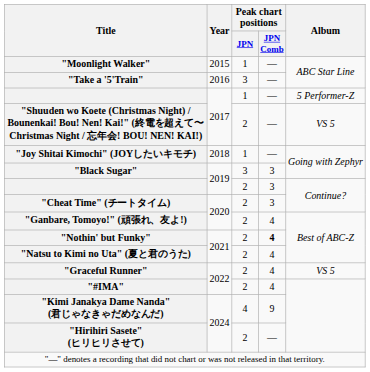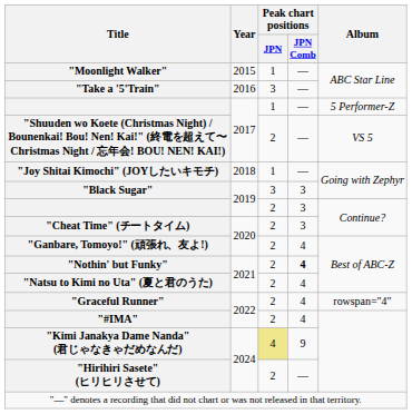 <table class="wikitable plainrowheaders" style="text-align:center;">
 <tr>
 <th rowspan="2" style="width:20em;">Title</th>
 <th rowspan="2">Year</th>
 <th colspan="2">Peak chart positions</th>
 <th rowspan="2">Album</th>
 </tr>
 <tr>
 <th scope="col" style="width:2.5em;font-size:90%;"><a href='#'>JPN</a><br></th>
 <th scope="col" style="width:2.5em;font-size:90%;"><a href='#'>JPN<br>Comb</a><br></th>
 </tr>
 <tr>
 <th scope="row">"Moonlight Walker"</th>
 <td>2015</td>
 <td>1</td>
 <td>—</td>
 <td rowspan="2"><em>ABC Star Line</em></td>
 </tr>
 <tr>
 <th scope="row">"Take a '5'Train"</th>
 <td>2016</td>
 <td>3</td>
 <td>—</td>
 </tr>
 <tr>
 <th scope="row"></th>
 <td rowspan="2">2017</td>
 <td>1</td>
 <td>—</td>
 <td><em>5 Performer-Z</em></td>
 </tr>
 <tr>
 <th scope="row">"Shuuden wo Koete (Christmas Night) / Bounenkai! Bou! Nen! Kai!" (終電を超えて〜Christmas Night / 忘年会! BOU! NEN! KAI!)</th>
 <td>2</td>
 <td>—</td>
 <td><em>VS 5</em></td>
 </tr>
 <tr>
 <th scope="row">"Joy Shitai Kimochi" (JOYしたいキモチ)</th>
 <td>2018</td>
 <td>1</td>
 <td>—</td>
 <td rowspan="2"><em>Going with Zephyr</em></td>
 </tr>
 <tr>
 <th scope="row">"Black Sugar"</th>
 <td rowspan="2">2019</td>
 <td>3</td>
 <td>3</td>
 </tr>
 <tr>
 <th scope="row"></th>
 <td>2</td>
 <td>3</td>
 <td rowspan="2"><em>Continue?</em></td>
 </tr>
 <tr>
 <th scope="row">"Cheat Time" (チートタイム)</th>
 <td rowspan="2">2020</td>
 <td>2</td>
 <td>3</td>
 </tr>
 <tr>
 <th scope="row">"Ganbare, Tomoyo!" (頑張れ、友よ!)</th>
 <td>2</td>
 <td>4</td>
 <td rowspan="3"><em>Best of ABC-Z</em></td>
 </tr>
 <tr>
 <th scope="row">"Nothin' but Funky"</th>
 <td rowspan="2">2021</td>
 <td>2</td>
 <td><strong>4</strong></td>
 </tr>
 <tr>
 <th scope="row">"Natsu to Kimi no Uta" (夏と君のうた)</th>
 <td>2</td>
 <td>4</td>
 </tr>
 <tr>
 <th scope="row">"Graceful Runner"</th>
 <td rowspan="2">2022</td>
 <td>2</td>
 <td>4</td>
-<td><em>VS 5</em></td>
+<td>rowspan="4" </td>
 </tr>
 <tr>
 <th scope="row">"#IMA"</th>
 <td>2</td>
 <td>4</td>
 </tr>
 <tr>
 <th scope="row">"Kimi Janakya Dame Nanda"<br>(君じゃなきゃだめなんだ)</th>
 <td rowspan="2">2024</td>
-<td>4</td>
+<td style="background: khaki;">4</td>
 <td>9</td>
 </tr>
 <tr>
 <th scope="row">"Hirihiri Sasete"<br>(ヒリヒリさせて)</th>
 <td>2</td>
 <td>—</td>
 </tr>
 <tr>
 <td colspan="5" style="font-size:90%">"—" denotes a recording that did not chart or was not released in that territory.</td>
 </tr>
 </table>
